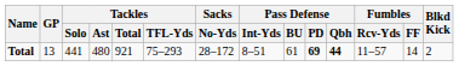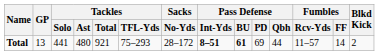 <table class="wikitable" style="white-space:nowrap;">
 <tr>
 <th rowspan="2">Name</th>
 <th rowspan="2">GP</th>
 <th colspan="4">Tackles</th>
 <th>Sacks</th>
 <th colspan="4">Pass Defense</th>
 <th colspan="2">Fumbles</th>
 <th rowspan="2">Blkd<br>Kick</th>
 </tr>
 <tr>
 <th>Solo</th>
 <th>Ast</th>
 <th>Total</th>
 <th>TFL-Yds</th>
 <th>No-Yds</th>
 <th>Int-Yds</th>
 <th>BU</th>
 <th>PD</th>
 <th>Qbh</th>
 <th>Rcv-Yds</th>
 <th>FF</th>
 </tr>
 <tr>
 <td><strong>Total</strong></td>
 <td>13</td>
 <td>441</td>
 <td>480</td>
 <td>921</td>
 <td>75–293</td>
 <td>28–172</td>
-<td>8–51</td>
-<td>61</td>
-<td><strong>69</strong></td>
-<td><strong>44</strong></td>
+<td><strong>8–51</strong></td>
+<td><strong>61</strong></td>
+<td>69</td>
+<td>44</td>
 <td>11–57</td>
 <td>14</td>
 <td>2</td>
 </tr>
 </table>
